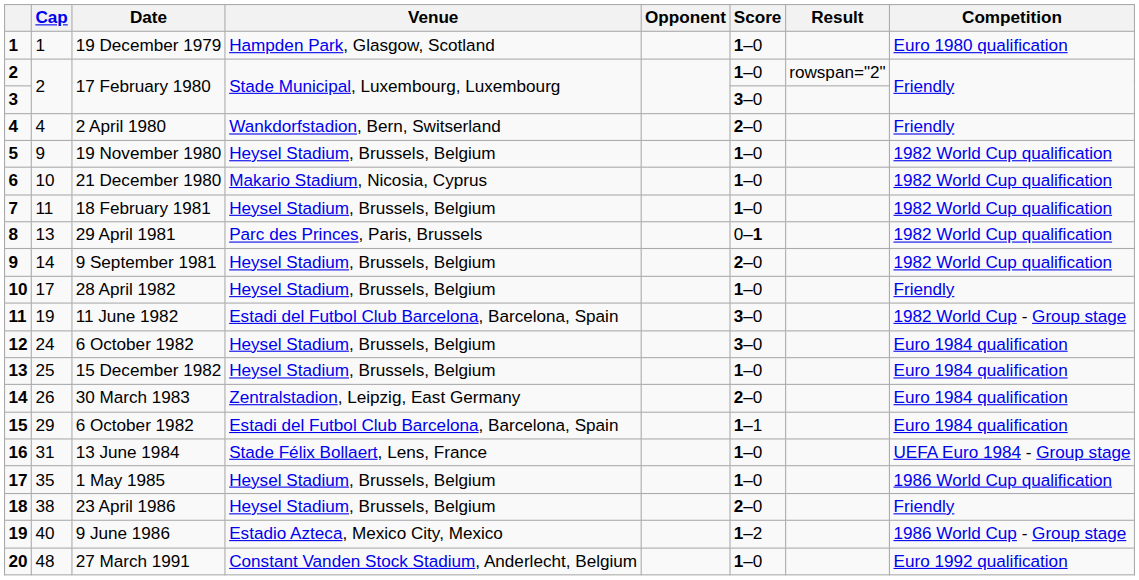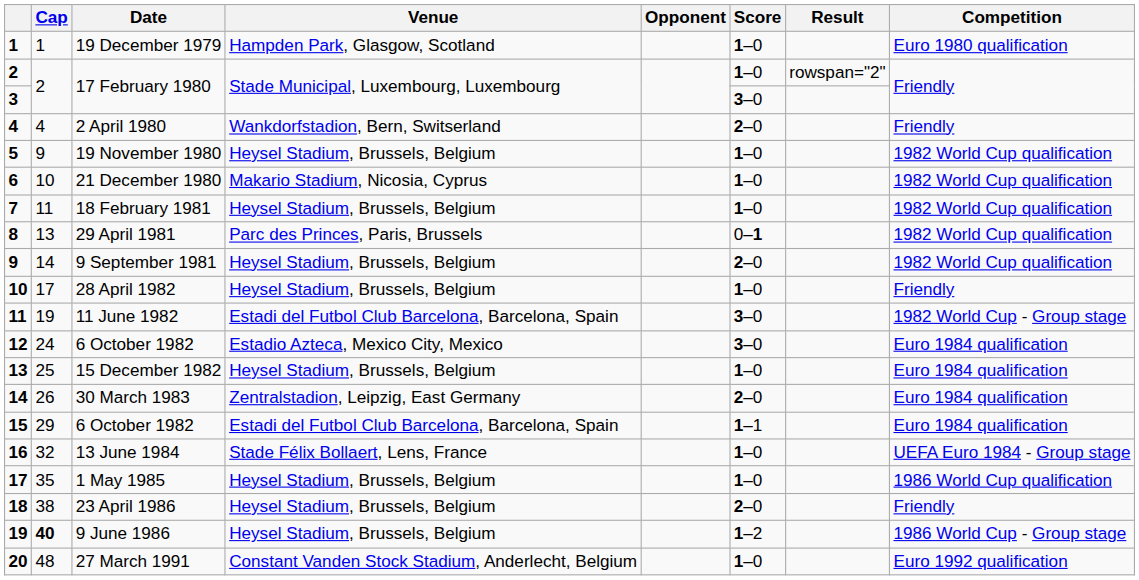 <table class="wikitable">
 <tr>
 <th></th>
 <th><a href='#'>Cap</a></th>
 <th>Date</th>
 <th>Venue</th>
 <th>Opponent</th>
 <th>Score</th>
 <th>Result</th>
 <th>Competition</th>
 </tr>
 <tr>
 <td><strong>1</strong></td>
 <td>1</td>
 <td>19 December 1979</td>
 <td><a href='#'>Hampden Park</a>, Glasgow, Scotland</td>
 <td></td>
 <td><strong>1</strong>–0</td>
 <td></td>
 <td><a href='#'>Euro 1980 qualification</a></td>
 </tr>
 <tr>
 <td><strong>2</strong></td>
 <td rowspan="2">2</td>
 <td rowspan="2">17 February 1980</td>
 <td rowspan="2"><a href='#'>Stade Municipal</a>, Luxembourg, Luxembourg</td>
 <td rowspan="2"></td>
 <td><strong>1</strong>–0</td>
 <td>rowspan="2"</td>
 <td rowspan="2"><a href='#'>Friendly</a></td>
 </tr>
 <tr>
 <td><strong>3</strong></td>
 <td><strong>3</strong>–0</td>
 </tr>
 <tr>
 <td><strong>4</strong></td>
 <td>4</td>
 <td>2 April 1980</td>
 <td><a href='#'>Wankdorfstadion</a>, Bern, Switserland</td>
 <td></td>
 <td><strong>2</strong>–0</td>
 <td></td>
 <td><a href='#'>Friendly</a></td>
 </tr>
 <tr>
 <td><strong>5</strong></td>
 <td>9</td>
 <td>19 November 1980</td>
 <td><a href='#'>Heysel Stadium</a>, Brussels, Belgium</td>
 <td></td>
 <td><strong>1</strong>–0 </td>
 <td></td>
 <td><a href='#'>1982 World Cup qualification</a></td>
 </tr>
 <tr>
 <td><strong>6</strong></td>
 <td>10</td>
 <td>21 December 1980</td>
 <td><a href='#'>Makario Stadium</a>, Nicosia, Cyprus</td>
 <td></td>
 <td><strong>1</strong>–0</td>
 <td></td>
 <td><a href='#'>1982 World Cup qualification</a></td>
 </tr>
 <tr>
 <td><strong>7</strong></td>
 <td>11</td>
 <td>18 February 1981</td>
 <td><a href='#'>Heysel Stadium</a>, Brussels, Belgium</td>
 <td></td>
 <td><strong>1</strong>–0</td>
 <td></td>
 <td><a href='#'>1982 World Cup qualification</a></td>
 </tr>
 <tr>
 <td><strong>8</strong></td>
 <td>13</td>
 <td>29 April 1981</td>
 <td><a href='#'>Parc des Princes</a>, Paris, Brussels</td>
 <td></td>
 <td>0–<strong>1</strong></td>
 <td></td>
 <td><a href='#'>1982 World Cup qualification</a></td>
 </tr>
 <tr>
 <td><strong>9</strong></td>
 <td>14</td>
 <td>9 September 1981</td>
 <td><a href='#'>Heysel Stadium</a>, Brussels, Belgium</td>
 <td></td>
 <td><strong>2</strong>–0</td>
 <td></td>
 <td><a href='#'>1982 World Cup qualification</a></td>
 </tr>
 <tr>
 <td><strong>10</strong></td>
 <td>17</td>
 <td>28 April 1982</td>
 <td><a href='#'>Heysel Stadium</a>, Brussels, Belgium</td>
 <td></td>
 <td><strong>1</strong>–0</td>
 <td></td>
 <td><a href='#'>Friendly</a></td>
 </tr>
 <tr>
 <td><strong>11</strong></td>
 <td>19</td>
 <td>11 June 1982</td>
 <td><a href='#'>Estadi del Futbol Club Barcelona</a>, Barcelona, Spain</td>
 <td></td>
 <td><strong>3</strong>–0</td>
 <td></td>
 <td><a href='#'>1982 World Cup</a> - <a href='#'>Group stage</a></td>
 </tr>
 <tr>
 <td><strong>12</strong></td>
 <td>24</td>
 <td>6 October 1982</td>
-<td><a href='#'>Heysel Stadium</a>, Brussels, Belgium</td>
+<td><a href='#'>Estadio Azteca</a>, Mexico City, Mexico</td>
 <td></td>
 <td><strong>3</strong>–0</td>
 <td></td>
 <td><a href='#'>Euro 1984 qualification</a></td>
 </tr>
 <tr>
 <td><strong>13</strong></td>
 <td>25</td>
 <td>15 December 1982</td>
 <td><a href='#'>Heysel Stadium</a>, Brussels, Belgium</td>
 <td></td>
 <td><strong>1</strong>–0</td>
 <td></td>
 <td><a href='#'>Euro 1984 qualification</a></td>
 </tr>
 <tr>
 <td><strong>14</strong></td>
 <td>26</td>
 <td>30 March 1983</td>
 <td><a href='#'>Zentralstadion</a>, Leipzig, East Germany</td>
 <td></td>
 <td><strong>2</strong>–0</td>
 <td></td>
 <td><a href='#'>Euro 1984 qualification</a></td>
 </tr>
 <tr>
 <td><strong>15</strong></td>
 <td>29</td>
 <td>6 October 1982</td>
 <td><a href='#'>Estadi del Futbol Club Barcelona</a>, Barcelona, Spain</td>
 <td></td>
 <td><strong>1</strong>–1</td>
 <td></td>
 <td><a href='#'>Euro 1984 qualification</a></td>
 </tr>
 <tr>
 <td><strong>16</strong></td>
-<td>31</td>
+<td>32</td>
 <td>13 June 1984</td>
 <td><a href='#'>Stade Félix Bollaert</a>, Lens, France</td>
 <td></td>
 <td><strong>1</strong>–0</td>
 <td></td>
 <td><a href='#'>UEFA Euro 1984</a> - <a href='#'>Group stage</a></td>
 </tr>
 <tr>
 <td><strong>17</strong></td>
 <td>35</td>
 <td>1 May 1985</td>
 <td><a href='#'>Heysel Stadium</a>, Brussels, Belgium</td>
 <td></td>
 <td><strong>1</strong>–0</td>
 <td></td>
 <td><a href='#'>1986 World Cup qualification</a></td>
 </tr>
 <tr>
 <td><strong>18</strong></td>
 <td>38</td>
 <td>23 April 1986</td>
 <td><a href='#'>Heysel Stadium</a>, Brussels, Belgium</td>
 <td></td>
 <td><strong>2</strong>–0</td>
 <td></td>
 <td><a href='#'>Friendly</a></td>
 </tr>
 <tr>
 <td><strong>19</strong></td>
-<td>40</td>
+<td><strong>40</strong></td>
 <td>9 June 1986</td>
-<td><a href='#'>Estadio Azteca</a>, Mexico City, Mexico</td>
+<td><a href='#'>Heysel Stadium</a>, Brussels, Belgium</td>
 <td></td>
 <td><strong>1</strong>–2</td>
 <td></td>
 <td><a href='#'>1986 World Cup</a> - <a href='#'>Group stage</a></td>
 </tr>
 <tr>
 <td><strong>20</strong></td>
 <td>48</td>
 <td>27 March 1991</td>
 <td><a href='#'>Constant Vanden Stock Stadium</a>, Anderlecht, Belgium</td>
 <td></td>
 <td><strong>1</strong>–0</td>
 <td></td>
 <td><a href='#'>Euro 1992 qualification</a></td>
 </tr>
 </table>
